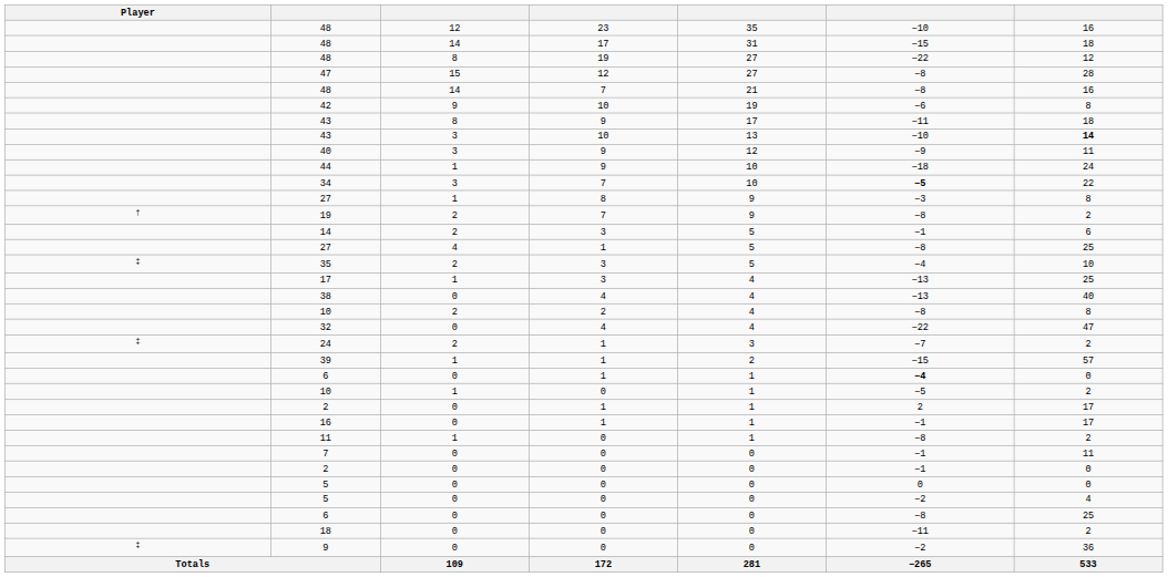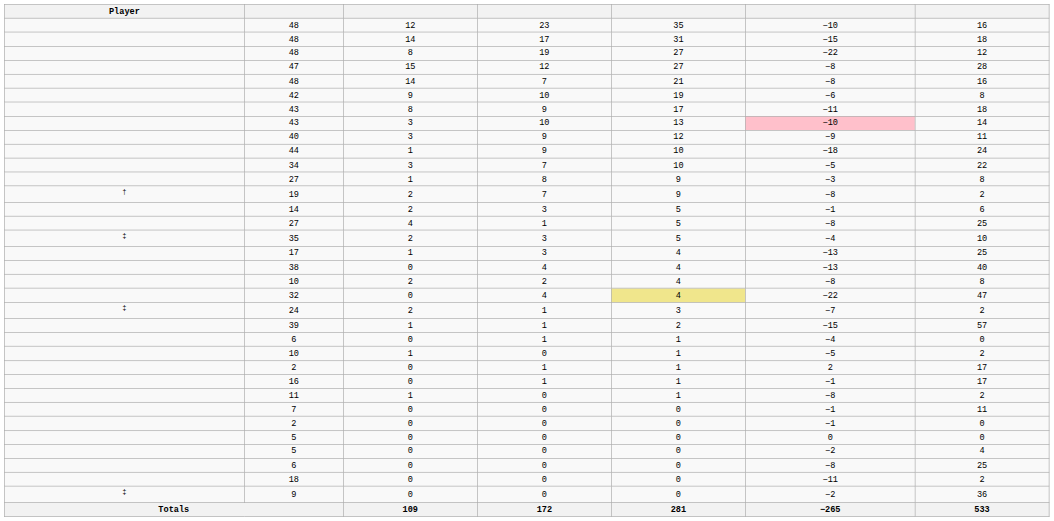 <table class="wikitable sortable" style="width:100%; text-align:center;">
 <tr align=center>
 <th>Player</th>
 <th></th>
 <th></th>
 <th></th>
 <th></th>
 <th data-sort-type="number"></th>
 <th></th>
 </tr>
 <tr>
 <td></td>
 <td>48</td>
 <td>12</td>
 <td>23</td>
 <td>35</td>
 <td>−10</td>
 <td>16</td>
 </tr>
 <tr>
 <td></td>
 <td>48</td>
 <td>14</td>
 <td>17</td>
 <td>31</td>
 <td>−15</td>
 <td>18</td>
 </tr>
 <tr>
 <td></td>
 <td>48</td>
 <td>8</td>
 <td>19</td>
 <td>27</td>
 <td>−22</td>
 <td>12</td>
 </tr>
 <tr>
 <td></td>
 <td>47</td>
 <td>15</td>
 <td>12</td>
 <td>27</td>
 <td>−8</td>
 <td>28</td>
 </tr>
 <tr>
 <td></td>
 <td>48</td>
 <td>14</td>
 <td>7</td>
 <td>21</td>
 <td>−8</td>
 <td>16</td>
 </tr>
 <tr>
 <td></td>
 <td>42</td>
 <td>9</td>
 <td>10</td>
 <td>19</td>
 <td>−6</td>
 <td>8</td>
 </tr>
 <tr>
 <td></td>
 <td>43</td>
 <td>8</td>
 <td>9</td>
 <td>17</td>
 <td>−11</td>
 <td>18</td>
 </tr>
 <tr>
 <td></td>
 <td>43</td>
 <td>3</td>
 <td>10</td>
 <td>13</td>
-<td>−10</td>
-<td><strong>14</strong></td>
+<td style="background: pink;">−10</td>
+<td>14</td>
 </tr>
 <tr>
 <td></td>
 <td>40</td>
 <td>3</td>
 <td>9</td>
 <td>12</td>
 <td>−9</td>
 <td>11</td>
 </tr>
 <tr>
 <td></td>
 <td>44</td>
 <td>1</td>
 <td>9</td>
 <td>10</td>
 <td>−18</td>
 <td>24</td>
 </tr>
 <tr>
 <td></td>
 <td>34</td>
 <td>3</td>
 <td>7</td>
 <td>10</td>
-<td><strong>−5</strong></td>
+<td>−5</td>
 <td>22</td>
 </tr>
 <tr>
 <td></td>
 <td>27</td>
 <td>1</td>
 <td>8</td>
 <td>9</td>
 <td>−3</td>
 <td>8</td>
 </tr>
 <tr>
 <td><sup>†</sup></td>
 <td>19</td>
 <td>2</td>
 <td>7</td>
 <td>9</td>
 <td>−8</td>
 <td>2</td>
 </tr>
 <tr>
 <td></td>
 <td>14</td>
 <td>2</td>
 <td>3</td>
 <td>5</td>
 <td>−1</td>
 <td>6</td>
 </tr>
 <tr>
 <td></td>
 <td>27</td>
 <td>4</td>
 <td>1</td>
 <td>5</td>
 <td>−8</td>
 <td>25</td>
 </tr>
 <tr>
 <td><sup>‡</sup></td>
 <td>35</td>
 <td>2</td>
 <td>3</td>
 <td>5</td>
 <td>−4</td>
 <td>10</td>
 </tr>
 <tr>
 <td></td>
 <td>17</td>
 <td>1</td>
 <td>3</td>
 <td>4</td>
 <td>−13</td>
 <td>25</td>
 </tr>
 <tr>
 <td></td>
 <td>38</td>
 <td>0</td>
 <td>4</td>
 <td>4</td>
 <td>−13</td>
 <td>40</td>
 </tr>
 <tr>
 <td></td>
 <td>10</td>
 <td>2</td>
 <td>2</td>
 <td>4</td>
 <td>−8</td>
 <td>8</td>
 </tr>
 <tr>
 <td></td>
 <td>32</td>
 <td>0</td>
 <td>4</td>
-<td>4</td>
+<td style="background: khaki;">4</td>
 <td>−22</td>
 <td>47</td>
 </tr>
 <tr>
 <td><sup>‡</sup></td>
 <td>24</td>
 <td>2</td>
 <td>1</td>
 <td>3</td>
 <td>−7</td>
 <td>2</td>
 </tr>
 <tr>
 <td></td>
 <td>39</td>
 <td>1</td>
 <td>1</td>
 <td>2</td>
 <td>−15</td>
 <td>57</td>
 </tr>
 <tr>
 <td></td>
 <td>6</td>
 <td>0</td>
 <td>1</td>
 <td>1</td>
-<td><strong>−4</strong></td>
+<td>−4</td>
 <td>0</td>
 </tr>
 <tr>
 <td></td>
 <td>10</td>
 <td>1</td>
 <td>0</td>
 <td>1</td>
 <td>−5</td>
 <td>2</td>
 </tr>
 <tr>
 <td></td>
 <td>2</td>
 <td>0</td>
 <td>1</td>
 <td>1</td>
 <td>2</td>
 <td>17</td>
 </tr>
 <tr>
 <td></td>
 <td>16</td>
 <td>0</td>
 <td>1</td>
 <td>1</td>
 <td>−1</td>
 <td>17</td>
 </tr>
 <tr>
 <td></td>
 <td>11</td>
 <td>1</td>
 <td>0</td>
 <td>1</td>
 <td>−8</td>
 <td>2</td>
 </tr>
 <tr>
 <td></td>
 <td>7</td>
 <td>0</td>
 <td>0</td>
 <td>0</td>
 <td>−1</td>
 <td>11</td>
 </tr>
 <tr>
 <td></td>
 <td>2</td>
 <td>0</td>
 <td>0</td>
 <td>0</td>
 <td>−1</td>
 <td>0</td>
 </tr>
 <tr>
 <td></td>
 <td>5</td>
 <td>0</td>
 <td>0</td>
 <td>0</td>
 <td>0</td>
 <td>0</td>
 </tr>
 <tr>
 <td></td>
 <td>5</td>
 <td>0</td>
 <td>0</td>
 <td>0</td>
 <td>−2</td>
 <td>4</td>
 </tr>
 <tr>
 <td></td>
 <td>6</td>
 <td>0</td>
 <td>0</td>
 <td>0</td>
 <td>−8</td>
 <td>25</td>
 </tr>
 <tr>
 <td></td>
 <td>18</td>
 <td>0</td>
 <td>0</td>
 <td>0</td>
 <td>−11</td>
 <td>2</td>
 </tr>
 <tr>
 <td><sup>‡</sup></td>
 <td>9</td>
 <td>0</td>
 <td>0</td>
 <td>0</td>
 <td>−2</td>
 <td>36</td>
 </tr>
 <tr class="unsortable">
 <th colspan=2>Totals</th>
 <th>109</th>
 <th>172</th>
 <th>281</th>
 <th>−265</th>
 <th>533</th>
 </tr>
 </table>
